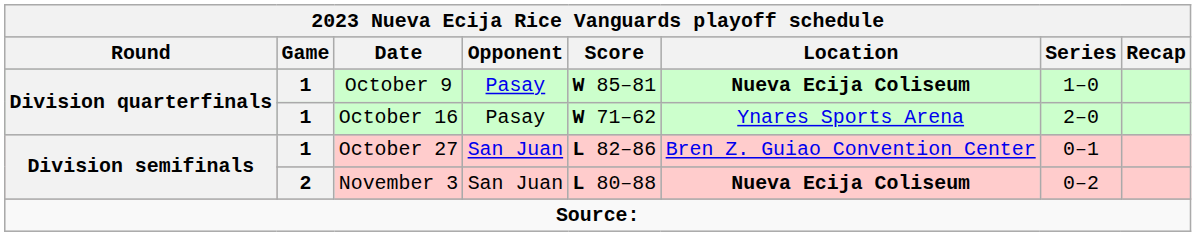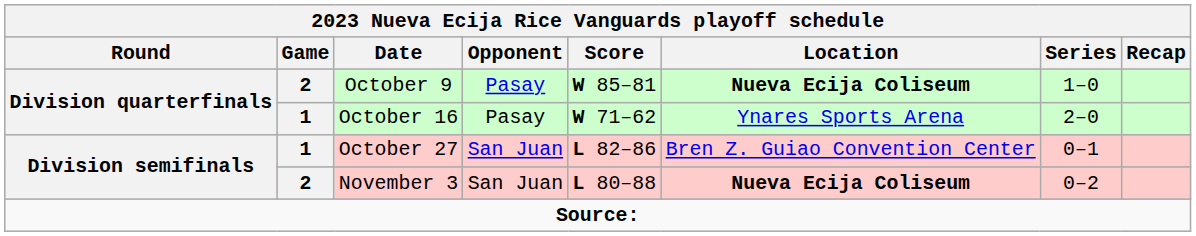 <table class="wikitable" style="text-align:center">
 <tr>
 <th colspan=8>2023 Nueva Ecija Rice Vanguards playoff schedule</th>
 </tr>
 <tr>
 <th>Round</th>
 <th>Game</th>
 <th>Date</th>
 <th>Opponent</th>
 <th>Score</th>
 <th>Location</th>
 <th>Series</th>
 <th>Recap<br></th>
 </tr>
 <tr style="background:#cfc">
 <th rowspan=2>Division quarterfinals</th>
-<th>1</th>
+<th>2</th>
 <td>October 9</td>
 <td><a href='#'>Pasay</a></td>
 <td><strong>W</strong> 85–81</td>
 <td><strong>Nueva Ecija Coliseum</strong></td>
 <td>1–0</td>
 <td></td>
 </tr>
 <tr style="background:#cfc">
 <th>1</th>
 <td>October 16</td>
 <td>Pasay</td>
 <td><strong>W</strong> 71–62</td>
 <td><a href='#'>Ynares Sports Arena</a></td>
 <td>2–0</td>
 <td><br></td>
 </tr>
 <tr style="background:#fcc">
 <th rowspan=2>Division semifinals</th>
 <th>1</th>
 <td>October 27</td>
 <td><a href='#'>San Juan</a></td>
 <td><strong>L</strong> 82–86</td>
 <td><a href='#'>Bren Z. Guiao Convention Center</a></td>
 <td>0–1</td>
 <td></td>
 </tr>
 <tr style="background:#fcc">
 <th>2</th>
 <td>November 3</td>
 <td>San Juan</td>
 <td><strong>L</strong> 80–88</td>
 <td><strong>Nueva Ecija Coliseum</strong></td>
 <td>0–2</td>
 <td></td>
 </tr>
 <tr>
 <td colspan=8 align=center><strong>Source: </strong></td>
 </tr>
 </table>
